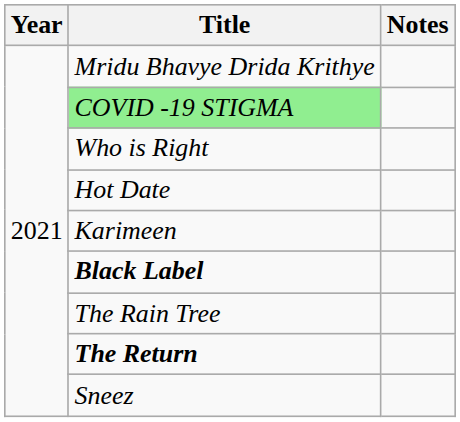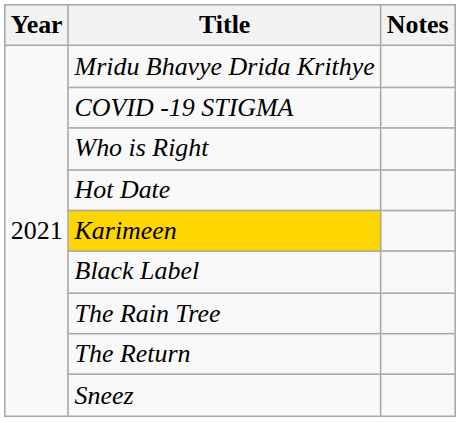 <table class="wikitable">
 <tr>
 <th>Year</th>
 <th>Title</th>
 <th>Notes</th>
 </tr>
 <tr>
 <td rowspan="9">2021</td>
 <td><em>Mridu Bhavye Drida Krithye</em></td>
 <td></td>
 </tr>
 <tr>
-<td style="background: lightgreen;"><em>COVID -19 STIGMA</em></td>
+<td><em>COVID -19 STIGMA</em></td>
 <td></td>
 </tr>
 <tr>
 <td><em>Who is Right</em></td>
 <td></td>
 </tr>
 <tr>
 <td><em>Hot Date</em></td>
 <td></td>
 </tr>
 <tr>
-<td><em>Karimeen</em></td>
+<td style="background: gold;"><em>Karimeen</em></td>
 <td></td>
 </tr>
 <tr>
-<td><strong><em>Black Label</em></strong></td>
+<td><em>Black Label</em></td>
 <td></td>
 </tr>
 <tr>
 <td><em>The Rain Tree</em></td>
 <td></td>
 </tr>
 <tr>
-<td><strong><em>The Return</em></strong></td>
+<td><em>The Return</em></td>
 <td></td>
 </tr>
 <tr>
 <td><em>Sneez</em></td>
 <td></td>
 </tr>
 </table>
